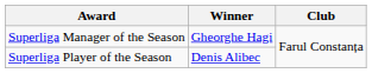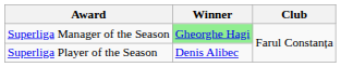 <table class="wikitable">
 <tr>
 <th>Award</th>
 <th>Winner</th>
 <th>Club</th>
 </tr>
 <tr>
 <td><a href='#'>Superliga</a> Manager of the Season</td>
-<td> <a href='#'>Gheorghe Hagi</a></td>
+<td style="background: lightgreen;"> <a href='#'>Gheorghe Hagi</a></td>
 <td rowspan="3">Farul Constanța</td>
 </tr>
 <tr>
 <td><a href='#'>Superliga</a> Player of the Season</td>
 <td rowspan="2"> <a href='#'>Denis Alibec</a></td>
 </tr>
 </table>
